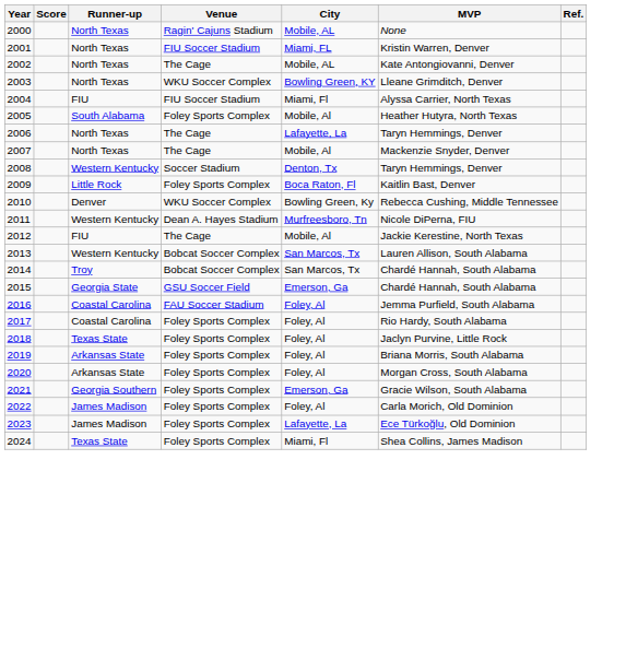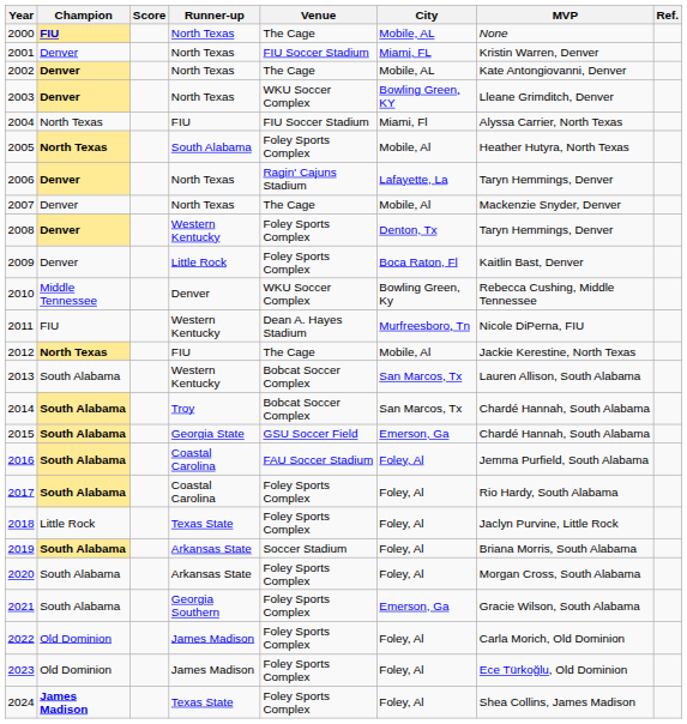 <table class="wikitable sortable" style="font-size: 95%;">
 <tr>
 <th>Year</th>
+<th>Champion</th>
 <th>Score</th>
 <th>Runner-up</th>
 <th>Venue</th>
 <th>City</th>
 <th>MVP</th>
 <th>Ref.</th>
 </tr>
 <tr>
 <td>2000</td>
+<td bgcolor=#FFEA96><strong><a href='#'>FIU</a></strong> </td>
 <td></td>
 <td><a href='#'>North Texas</a></td>
-<td><a href='#'>Ragin' Cajuns</a> Stadium</td>
+<td>The Cage</td>
 <td><a href='#'>Mobile, AL</a></td>
 <td><em>None</em></td>
 <td></td>
 </tr>
 <tr>
 <td>2001</td>
+<td><a href='#'>Denver</a> </td>
 <td></td>
 <td>North Texas</td>
 <td><a href='#'>FIU Soccer Stadium</a></td>
 <td><a href='#'>Miami, FL</a></td>
 <td>Kristin Warren, Denver</td>
 <td></td>
 </tr>
 <tr>
 <td>2002</td>
+<td bgcolor=#FFEA96><strong>Denver</strong> </td>
 <td></td>
 <td>North Texas</td>
 <td>The Cage</td>
 <td>Mobile, AL</td>
 <td>Kate Antongiovanni, Denver</td>
 <td></td>
 </tr>
 <tr>
 <td>2003</td>
+<td bgcolor=#FFEA96><strong>Denver</strong> </td>
 <td></td>
 <td>North Texas</td>
 <td>WKU Soccer Complex</td>
 <td><a href='#'>Bowling Green, KY</a></td>
 <td>Lleane Grimditch, Denver</td>
 <td></td>
 </tr>
 <tr>
 <td>2004</td>
+<td>North Texas </td>
 <td></td>
 <td>FIU</td>
 <td>FIU Soccer Stadium</td>
 <td>Miami, Fl</td>
 <td>Alyssa Carrier, North Texas</td>
 <td></td>
 </tr>
 <tr>
 <td>2005</td>
+<td bgcolor=#FFEA96><strong>North Texas</strong> </td>
 <td></td>
 <td><a href='#'>South Alabama</a></td>
 <td>Foley Sports Complex</td>
 <td>Mobile, Al</td>
 <td>Heather Hutyra, North Texas</td>
 <td></td>
 </tr>
 <tr>
 <td>2006</td>
+<td bgcolor=#FFEA96><strong>Denver</strong> </td>
 <td></td>
 <td>North Texas</td>
-<td>The Cage</td>
+<td><a href='#'>Ragin' Cajuns</a> Stadium</td>
 <td><a href='#'>Lafayette, La</a></td>
 <td>Taryn Hemmings, Denver</td>
 <td></td>
 </tr>
 <tr>
 <td>2007</td>
+<td>Denver </td>
 <td></td>
 <td>North Texas</td>
 <td>The Cage</td>
 <td>Mobile, Al</td>
 <td>Mackenzie Snyder, Denver</td>
 <td></td>
 </tr>
 <tr>
 <td>2008</td>
+<td bgcolor=#FFEA96><strong>Denver</strong> </td>
 <td></td>
 <td><a href='#'>Western Kentucky</a></td>
-<td>Soccer Stadium</td>
+<td>Foley Sports Complex</td>
 <td><a href='#'>Denton, Tx</a></td>
 <td>Taryn Hemmings, Denver</td>
 <td></td>
 </tr>
 <tr>
 <td>2009</td>
+<td>Denver</td>
 <td></td>
 <td><a href='#'>Little Rock</a></td>
 <td>Foley Sports Complex</td>
 <td><a href='#'>Boca Raton, Fl</a></td>
 <td>Kaitlin Bast, Denver</td>
 <td></td>
 </tr>
 <tr>
 <td>2010</td>
+<td><a href='#'>Middle Tennessee</a> </td>
 <td></td>
 <td>Denver</td>
 <td>WKU Soccer Complex</td>
 <td>Bowling Green, Ky</td>
 <td>Rebecca Cushing, Middle Tennessee</td>
 <td></td>
 </tr>
 <tr>
 <td>2011</td>
+<td>FIU </td>
 <td></td>
 <td>Western Kentucky</td>
 <td>Dean A. Hayes Stadium</td>
 <td><a href='#'>Murfreesboro, Tn</a></td>
 <td>Nicole DiPerna, FIU</td>
 <td></td>
 </tr>
 <tr>
 <td>2012</td>
+<td bgcolor=#FFEA96><strong>North Texas</strong> </td>
 <td></td>
 <td>FIU</td>
 <td>The Cage</td>
 <td>Mobile, Al</td>
 <td>Jackie Kerestine, North Texas</td>
 <td></td>
 </tr>
 <tr>
 <td>2013</td>
+<td>South Alabama </td>
 <td></td>
 <td>Western Kentucky</td>
 <td>Bobcat Soccer Complex</td>
 <td><a href='#'>San Marcos, Tx</a></td>
 <td>Lauren Allison, South Alabama</td>
 <td></td>
 </tr>
 <tr>
 <td>2014</td>
+<td bgcolor=#FFEA96><strong>South Alabama</strong> </td>
 <td></td>
 <td><a href='#'>Troy</a></td>
 <td>Bobcat Soccer Complex</td>
 <td>San Marcos, Tx</td>
 <td>Chardé Hannah, South Alabama</td>
 <td></td>
 </tr>
 <tr>
 <td>2015</td>
+<td bgcolor=#FFEA96><strong>South Alabama</strong> </td>
 <td></td>
 <td><a href='#'>Georgia State</a></td>
 <td><a href='#'>GSU Soccer Field</a></td>
 <td><a href='#'>Emerson, Ga</a></td>
 <td>Chardé Hannah, South Alabama</td>
 <td></td>
 </tr>
 <tr>
 <td><a href='#'>2016</a></td>
+<td bgcolor=#FFEA96><strong>South Alabama</strong> </td>
 <td></td>
 <td><a href='#'>Coastal Carolina</a></td>
 <td><a href='#'>FAU Soccer Stadium</a></td>
 <td><a href='#'>Foley, Al</a></td>
 <td>Jemma Purfield, South Alabama</td>
 <td></td>
 </tr>
 <tr>
 <td><a href='#'>2017</a></td>
+<td bgcolor=#FFEA96><strong>South Alabama</strong> </td>
 <td></td>
 <td>Coastal Carolina</td>
 <td>Foley Sports Complex</td>
 <td>Foley, Al</td>
 <td>Rio Hardy, South Alabama</td>
 <td></td>
 </tr>
 <tr>
 <td><a href='#'>2018</a></td>
+<td>Little Rock </td>
 <td></td>
 <td><a href='#'>Texas State</a></td>
 <td>Foley Sports Complex</td>
 <td>Foley, Al</td>
 <td>Jaclyn Purvine, Little Rock</td>
 <td></td>
 </tr>
 <tr>
 <td><a href='#'>2019</a></td>
+<td bgcolor=#FFEA96><strong>South Alabama</strong> </td>
 <td></td>
 <td><a href='#'>Arkansas State</a></td>
-<td>Foley Sports Complex</td>
+<td>Soccer Stadium</td>
 <td>Foley, Al</td>
 <td>Briana Morris, South Alabama</td>
 <td></td>
 </tr>
 <tr>
 <td><a href='#'>2020</a></td>
+<td>South Alabama </td>
 <td></td>
 <td>Arkansas State</td>
 <td>Foley Sports Complex</td>
 <td>Foley, Al</td>
 <td>Morgan Cross, South Alabama</td>
 <td></td>
 </tr>
 <tr>
 <td><a href='#'>2021</a></td>
+<td>South Alabama </td>
 <td></td>
 <td><a href='#'>Georgia Southern</a></td>
 <td>Foley Sports Complex</td>
 <td><a href='#'>Emerson, Ga</a></td>
 <td>Gracie Wilson, South Alabama</td>
 <td></td>
 </tr>
 <tr>
 <td><a href='#'>2022</a></td>
+<td><a href='#'>Old Dominion</a> </td>
 <td></td>
 <td><a href='#'>James Madison</a></td>
 <td>Foley Sports Complex</td>
 <td>Foley, Al</td>
 <td>Carla Morich, Old Dominion</td>
 <td></td>
 </tr>
 <tr>
 <td><a href='#'>2023</a></td>
+<td>Old Dominion </td>
 <td></td>
 <td>James Madison</td>
 <td>Foley Sports Complex</td>
-<td><a href='#'>Lafayette, La</a></td>
+<td>Foley, Al</td>
 <td><a href='#'>Ece Türkoğlu</a>, Old Dominion</td>
 <td></td>
 </tr>
 <tr>
 <td>2024</td>
+<td><strong><a href='#'>James Madison</a></strong> </td>
 <td></td>
 <td><a href='#'>Texas State</a></td>
 <td>Foley Sports Complex</td>
-<td>Miami, Fl</td>
+<td>Foley, Al</td>
 <td>Shea Collins, James Madison</td>
 <td></td>
 </tr>
 </table>
